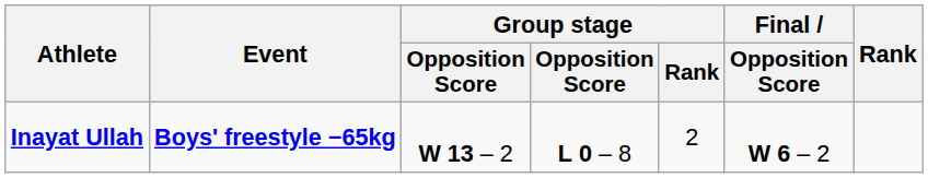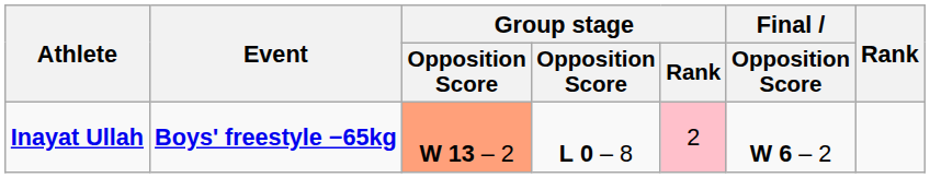 <table class="wikitable" style="font-size:90%">
 <tr>
 <th rowspan=2>Athlete</th>
 <th rowspan=2>Event</th>
 <th colspan=3>Group stage</th>
 <th>Final / </th>
 <th rowspan=2>Rank</th>
 </tr>
 <tr style="font-size:95%">
 <th>Opposition<br>Score</th>
 <th>Opposition<br>Score</th>
 <th>Rank</th>
 <th>Opposition<br>Score</th>
 </tr>
 <tr align=center>
 <td align=left><strong><a href='#'>Inayat Ullah</a></strong></td>
 <td align=left><strong><a href='#'>Boys' freestyle −65kg</a></strong></td>
-<td><br><strong>W</strong> <strong>13</strong> – 2 <sup></sup></td>
+<td style="background: lightsalmon;"><br><strong>W</strong> <strong>13</strong> – 2 <sup></sup></td>
 <td><br><strong>L</strong> <strong>0</strong> – 8 <sup></sup></td>
-<td>2 </td>
+<td style="background: pink;">2 </td>
 <td><br><strong>W</strong> <strong>6</strong> – 2 <sup></sup></td>
 <td></td>
 </tr>
 </table>
